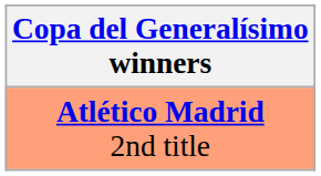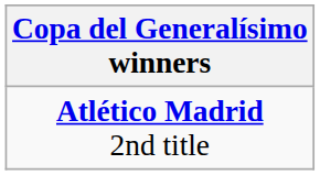 <table class="wikitable" style="text-align: center; margin: 0 auto;">
 <tr>
 <th><a href='#'>Copa del Generalísimo</a><br>winners</th>
 </tr>
 <tr>
-<td style="background: lightsalmon;"><strong><a href='#'>Atlético Madrid</a></strong><br>2nd title</td>
+<td><strong><a href='#'>Atlético Madrid</a></strong><br>2nd title</td>
 </tr>
 </table>
